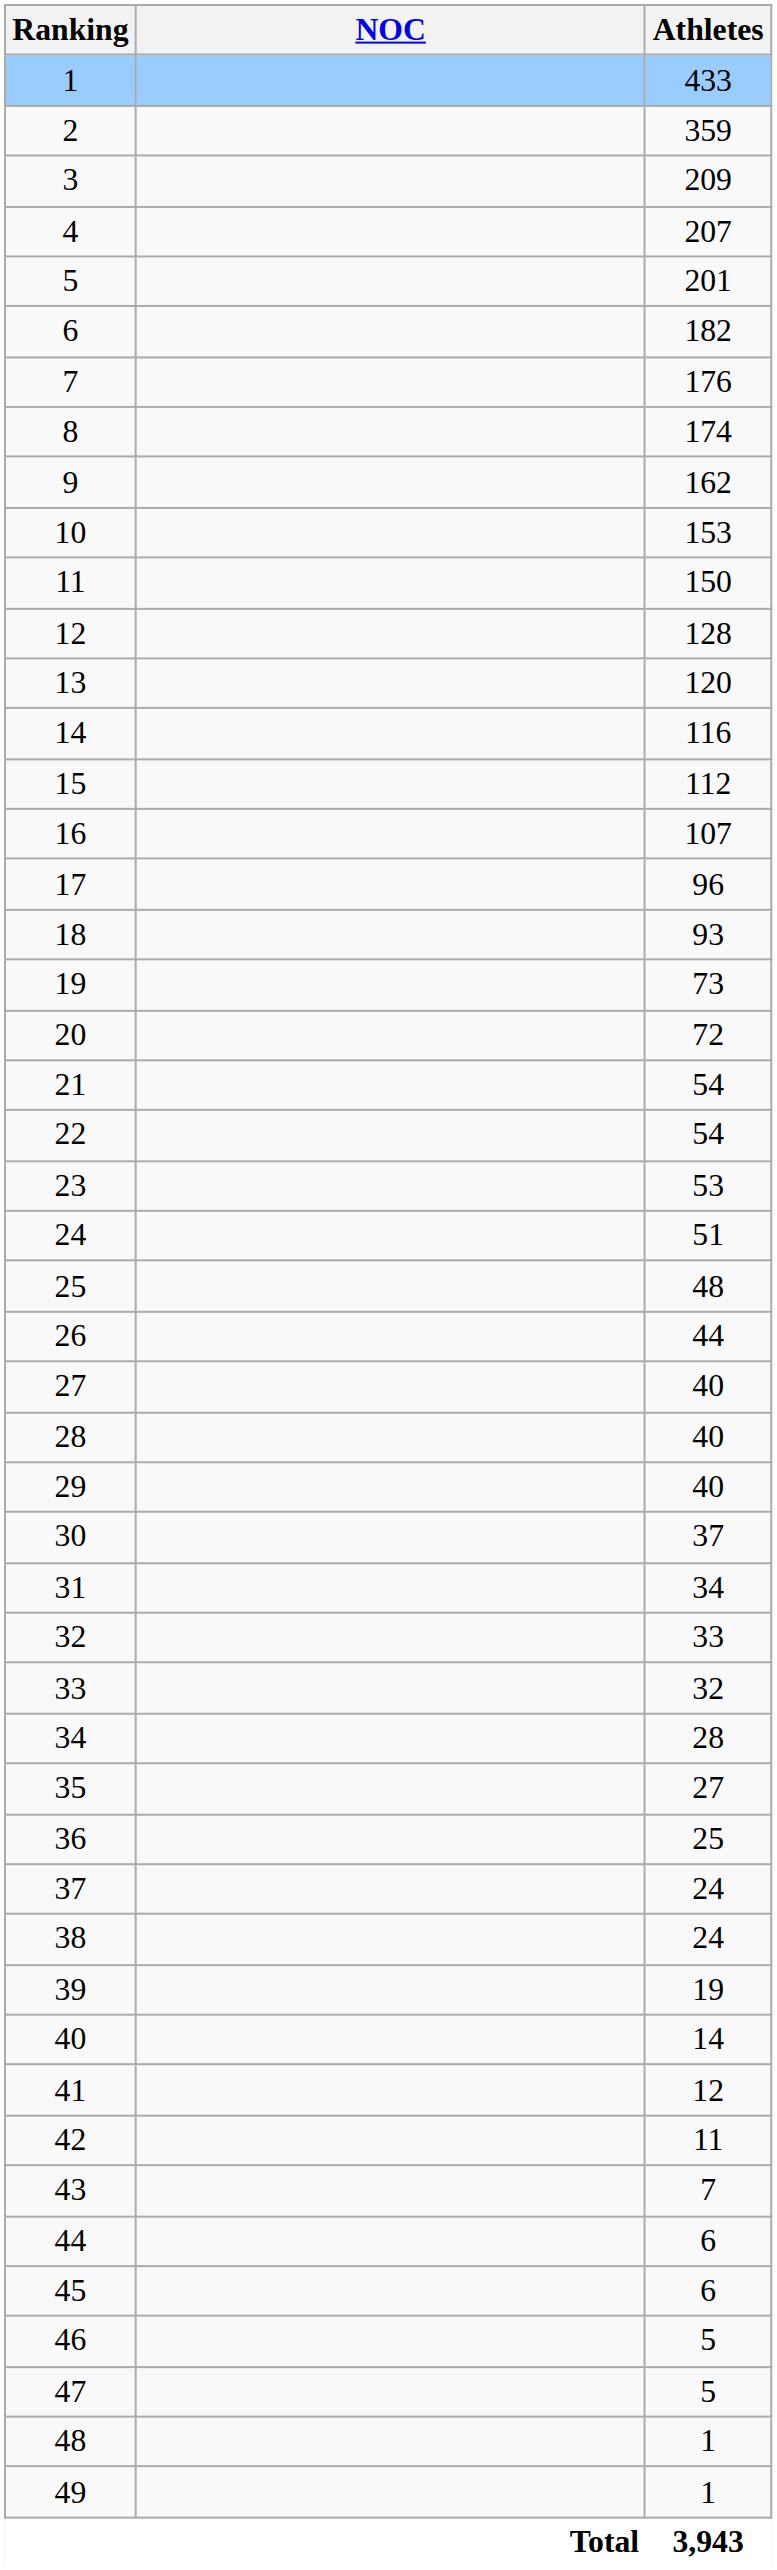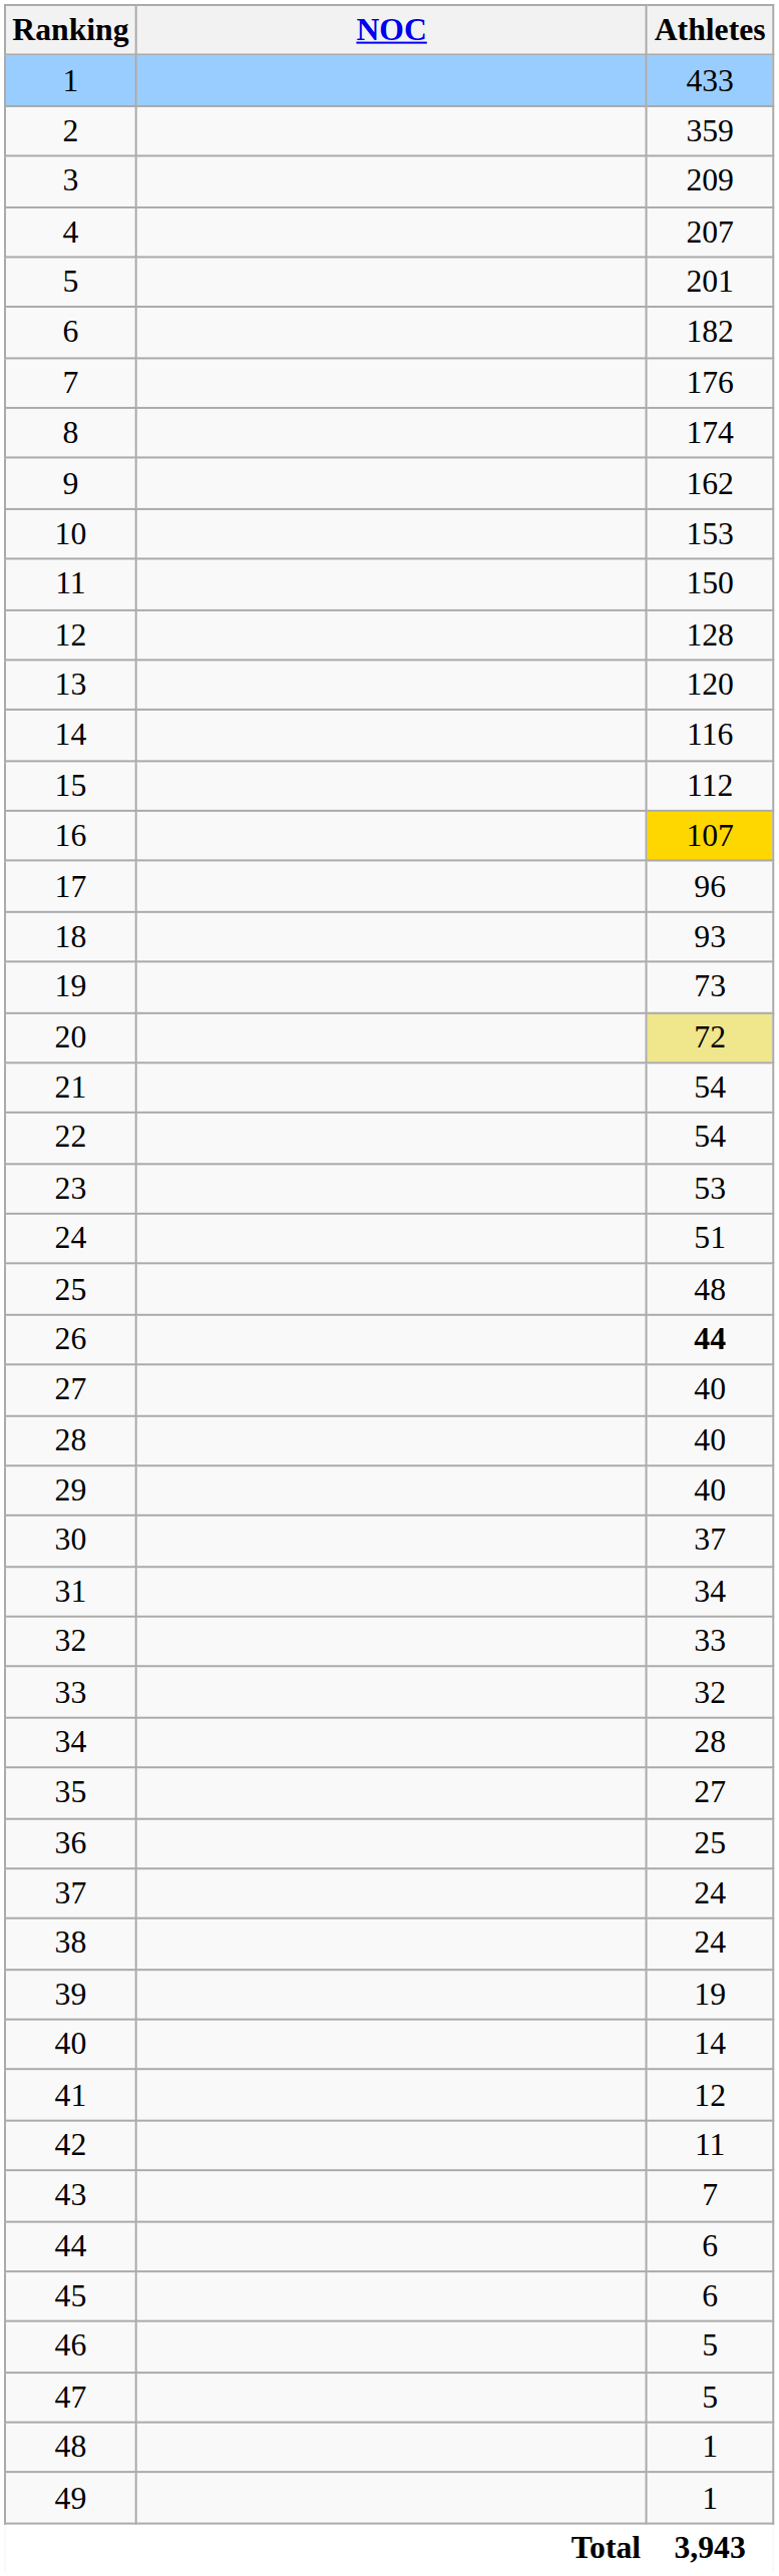 <table class="wikitable collapsible collapsed sortable" style="border:0;">
 <tr>
 <th width=50>Ranking</th>
 <th width=250><a href='#'>NOC</a></th>
 <th width=25>Athletes</th>
 </tr>
 <tr style="background:#9acdff;">
 <td align=center>1</td>
 <td></td>
 <td align=center>433</td>
 </tr>
 <tr>
 <td align=center>2</td>
 <td></td>
 <td align=center>359</td>
 </tr>
 <tr>
 <td align=center>3</td>
 <td></td>
 <td align=center>209</td>
 </tr>
 <tr>
 <td align=center>4</td>
 <td></td>
 <td align=center>207</td>
 </tr>
 <tr>
 <td align=center>5</td>
 <td></td>
 <td align=center>201</td>
 </tr>
 <tr>
 <td align=center>6</td>
 <td></td>
 <td align=center>182</td>
 </tr>
 <tr>
 <td align=center>7</td>
 <td></td>
 <td align=center>176</td>
 </tr>
 <tr>
 <td align=center>8</td>
 <td></td>
 <td align=center>174</td>
 </tr>
 <tr>
 <td align=center>9</td>
 <td></td>
 <td align=center>162</td>
 </tr>
 <tr>
 <td align=center>10</td>
 <td></td>
 <td align=center>153</td>
 </tr>
 <tr>
 <td align=center>11</td>
 <td></td>
 <td align=center>150</td>
 </tr>
 <tr>
 <td align=center>12</td>
 <td></td>
 <td align=center>128</td>
 </tr>
 <tr>
 <td align=center>13</td>
 <td></td>
 <td align=center>120</td>
 </tr>
 <tr>
 <td align=center>14</td>
 <td></td>
 <td align=center>116</td>
 </tr>
 <tr>
 <td align=center>15</td>
 <td></td>
 <td align=center>112</td>
 </tr>
 <tr>
 <td align=center>16</td>
 <td></td>
-<td align=center>107</td>
+<td align=center style="background: gold;">107</td>
 </tr>
 <tr>
 <td align=center>17</td>
 <td></td>
 <td align=center>96</td>
 </tr>
 <tr>
 <td align=center>18</td>
 <td></td>
 <td align=center>93</td>
 </tr>
 <tr>
 <td align=center>19</td>
 <td></td>
 <td align=center>73</td>
 </tr>
 <tr>
 <td align=center>20</td>
 <td></td>
-<td align=center>72</td>
+<td align=center style="background: khaki;">72</td>
 </tr>
 <tr>
 <td align=center>21</td>
 <td></td>
 <td align=center>54</td>
 </tr>
 <tr>
 <td align=center>22</td>
 <td></td>
 <td align=center>54</td>
 </tr>
 <tr>
 <td align=center>23</td>
 <td></td>
 <td align=center>53</td>
 </tr>
 <tr>
 <td align=center>24</td>
 <td></td>
 <td align=center>51</td>
 </tr>
 <tr>
 <td align=center>25</td>
 <td></td>
 <td align=center>48</td>
 </tr>
 <tr>
 <td align=center>26</td>
 <td></td>
-<td align=center>44</td>
+<td align=center><strong>44</strong></td>
 </tr>
 <tr>
 <td align=center>27</td>
 <td></td>
 <td align=center>40</td>
 </tr>
 <tr>
 <td align=center>28</td>
 <td></td>
 <td align=center>40</td>
 </tr>
 <tr>
 <td align=center>29</td>
 <td></td>
 <td align=center>40</td>
 </tr>
 <tr>
 <td align=center>30</td>
 <td></td>
 <td align=center>37</td>
 </tr>
 <tr>
 <td align=center>31</td>
 <td></td>
 <td align=center>34</td>
 </tr>
 <tr>
 <td align=center>32</td>
 <td></td>
 <td align=center>33</td>
 </tr>
 <tr>
 <td align=center>33</td>
 <td></td>
 <td align=center>32</td>
 </tr>
 <tr>
 <td align=center>34</td>
 <td></td>
 <td align=center>28</td>
 </tr>
 <tr>
 <td align=center>35</td>
 <td></td>
 <td align=center>27</td>
 </tr>
 <tr>
 <td align=center>36</td>
 <td></td>
 <td align=center>25</td>
 </tr>
 <tr>
 <td align=center>37</td>
 <td></td>
 <td align=center>24</td>
 </tr>
 <tr>
 <td align=center>38</td>
 <td></td>
 <td align=center>24</td>
 </tr>
 <tr>
 <td align=center>39</td>
 <td></td>
 <td align=center>19</td>
 </tr>
 <tr>
 <td align=center>40</td>
 <td></td>
 <td align=center>14</td>
 </tr>
 <tr>
 <td align=center>41</td>
 <td></td>
 <td align=center>12</td>
 </tr>
 <tr>
 <td align=center>42</td>
 <td></td>
 <td align=center>11</td>
 </tr>
 <tr>
 <td align=center>43</td>
 <td></td>
 <td align=center>7</td>
 </tr>
 <tr>
 <td align=center>44</td>
 <td></td>
 <td align=center>6</td>
 </tr>
 <tr>
 <td align=center>45</td>
 <td></td>
 <td align=center>6</td>
 </tr>
 <tr>
 <td align=center>46</td>
 <td></td>
 <td align=center>5</td>
 </tr>
 <tr>
 <td align=center>47</td>
 <td></td>
 <td align=center>5</td>
 </tr>
 <tr>
 <td align=center>48</td>
 <td></td>
 <td align=center>1</td>
 </tr>
 <tr>
 <td align=center>49</td>
 <td></td>
 <td align=center>1</td>
 </tr>
 <tr class="sort bottom" style="background:#fff;">
 <td style="text-align:right; border:0; " colspan="2"><strong>Total</strong></td>
 <td style="text-align:center; border:0; background:#fff;"><strong>3,943</strong></td>
 </tr>
 </table>
